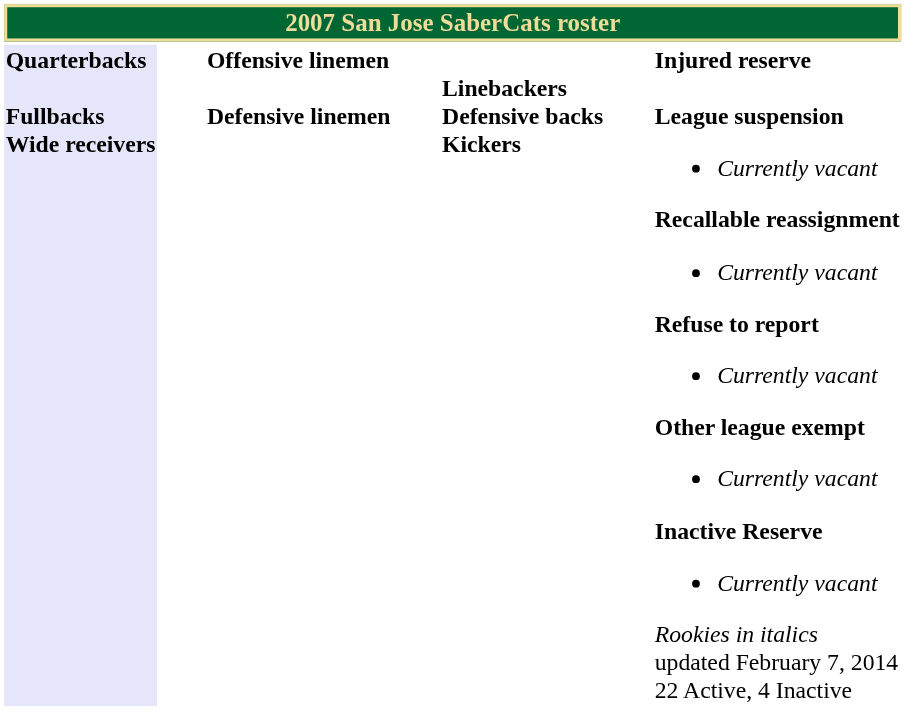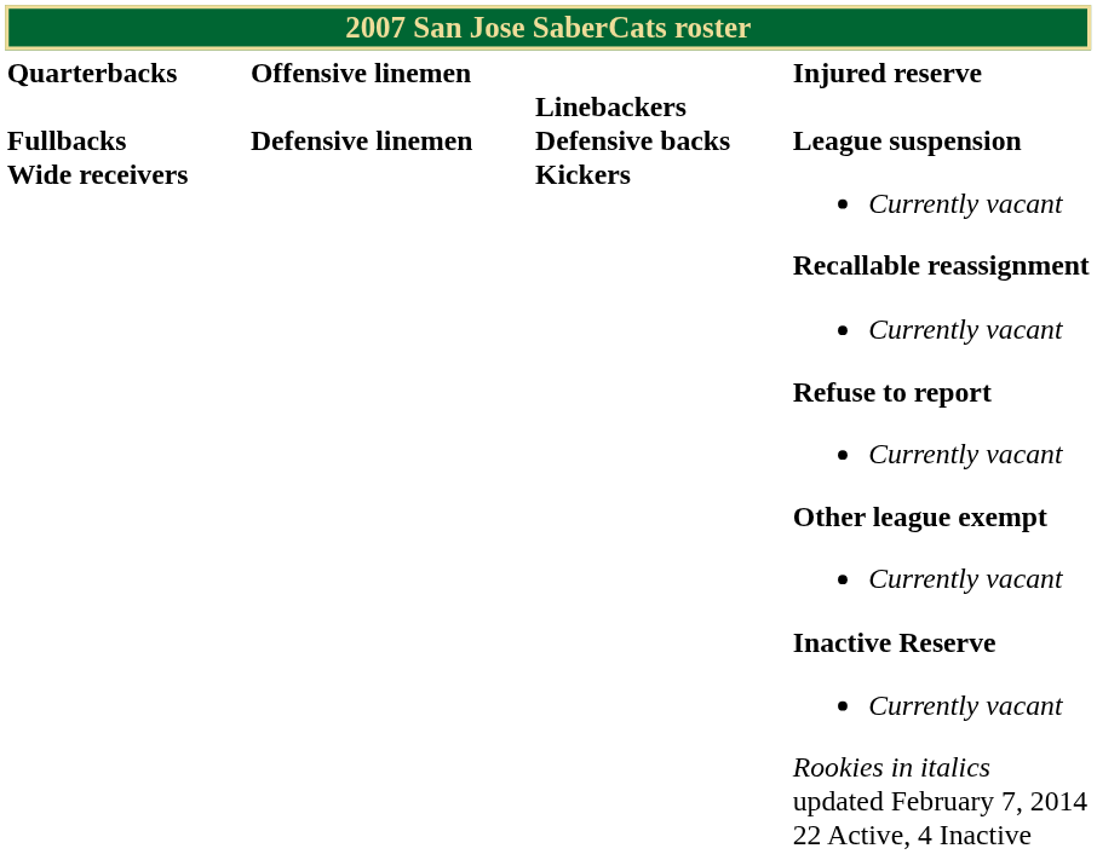 <table class="toccolours" style="text-align: left;">
 <tr>
 <th colspan=7 style="background:#063; border: 2px solid #ed9; color:#ed9; text-align:center;"><strong>2007 San Jose SaberCats roster</strong></th>
 </tr>
 <tr>
-<td style="background: lavender; font-size: 95%;" valign="top"><strong>Quarterbacks</strong><br> <br><strong>Fullbacks</strong>  <br><strong>Wide receivers</strong>    </td>
+<td style="font-size: 95%;" valign="top"><strong>Quarterbacks</strong><br> <br><strong>Fullbacks</strong>  <br><strong>Wide receivers</strong>    </td>
 <td style="width: 25px;"></td>
 <td style="font-size: 95%;" valign="top"><strong>Offensive linemen</strong><br>   <br><strong>Defensive linemen</strong>   </td>
 <td style="width: 25px;"></td>
 <td style="font-size: 95%;" valign="top"><br><strong>Linebackers</strong>  <br><strong>Defensive backs</strong>    <br><strong>Kickers</strong> </td>
 <td style="width: 25px;"></td>
 <td style="font-size: 95%;" valign="top"><strong>Injured reserve</strong><br>   <br><strong>League suspension</strong><ul><li><em>Currently vacant</em></li></ul><strong>Recallable reassignment</strong><ul><li><em>Currently vacant</em></li></ul><strong>Refuse to report</strong><ul><li><em>Currently vacant</em></li></ul><strong>Other league exempt</strong><ul><li><em>Currently vacant</em></li></ul><strong>Inactive Reserve</strong><ul><li><em>Currently vacant</em></li></ul> <em>Rookies in italics</em><br> <span></span> updated February 7, 2014<br> 22 Active, 4 Inactive </td>
 </tr>
 <tr>
 </tr>
 </table>
